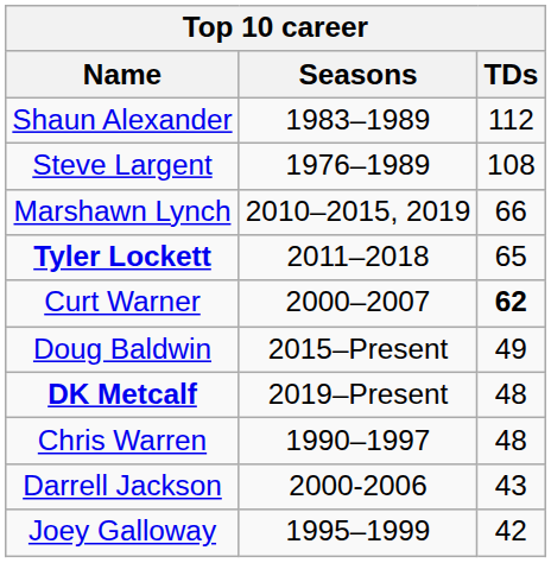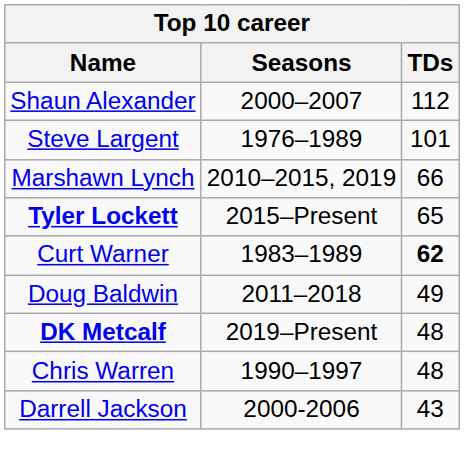 <table class="wikitable" style="text-align:center">
 <tr>
 <th colspan="3"><strong>Top 10 career</strong></th>
 </tr>
 <tr>
 <th><strong>Name</strong></th>
 <th><strong>Seasons</strong></th>
 <th><strong>TDs</strong></th>
 </tr>
 <tr>
 <td><a href='#'>Shaun Alexander</a></td>
-<td>1983–1989</td>
+<td>2000–2007</td>
 <td>112</td>
 </tr>
 <tr>
 <td><a href='#'>Steve Largent</a></td>
 <td>1976–1989</td>
-<td>108</td>
+<td>101</td>
 </tr>
 <tr>
 <td><a href='#'>Marshawn Lynch</a></td>
 <td>2010–2015, 2019</td>
 <td>66</td>
 </tr>
 <tr>
 <td><strong><a href='#'>Tyler Lockett</a></strong></td>
-<td>2011–2018</td>
+<td>2015–Present</td>
 <td>65</td>
 </tr>
 <tr>
 <td><a href='#'>Curt Warner</a></td>
-<td>2000–2007</td>
+<td>1983–1989</td>
 <td><strong>62</strong></td>
 </tr>
 <tr>
 <td><a href='#'>Doug Baldwin</a></td>
-<td>2015–Present</td>
+<td>2011–2018</td>
 <td>49</td>
 </tr>
 <tr>
 <td><strong><a href='#'>DK Metcalf</a></strong></td>
 <td>2019–Present</td>
 <td>48</td>
 </tr>
 <tr>
 <td><a href='#'>Chris Warren</a></td>
 <td>1990–1997</td>
 <td>48</td>
 </tr>
 <tr>
 <td><a href='#'>Darrell Jackson</a></td>
 <td>2000-2006</td>
 <td>43</td>
 </tr>
-<tr>
-<td><a href='#'>Joey Galloway</a></td>
-<td>1995–1999</td>
-<td>42</td>
-</tr>
 </table>
